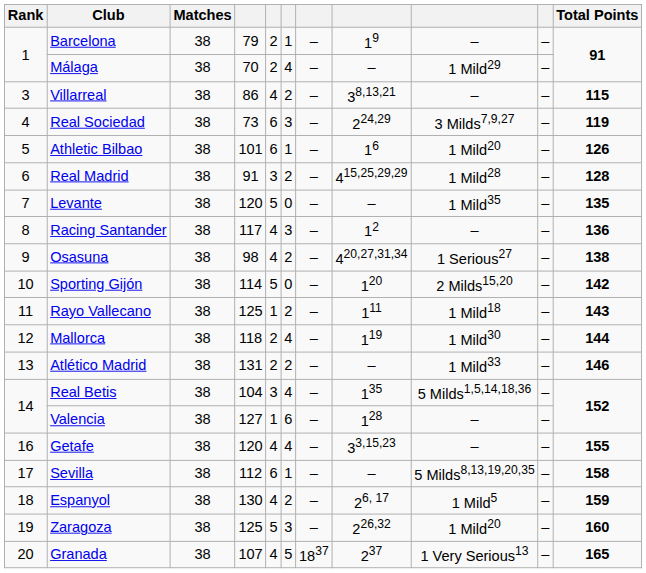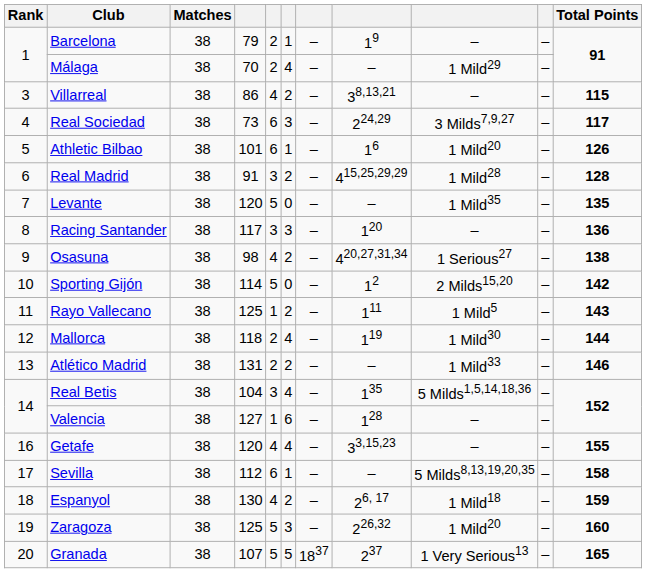 <table class="wikitable sortable" style="text-align:center;">
 <tr>
 <th>Rank</th>
 <th>Club</th>
 <th>Matches</th>
 <th></th>
 <th> </th>
 <th></th>
 <th></th>
 <th></th>
 <th></th>
 <th></th>
 <th>Total Points</th>
 </tr>
 <tr>
 <td rowspan=2>1</td>
 <td style="text-align:left;"><a href='#'>Barcelona</a></td>
 <td>38</td>
 <td>79</td>
 <td>2</td>
 <td>1</td>
 <td>–</td>
 <td>1<sup>9</sup></td>
 <td>–</td>
 <td>–</td>
 <td rowspan=2><strong>91</strong></td>
 </tr>
 <tr>
 <td style="text-align:left;"><a href='#'>Málaga</a></td>
 <td>38</td>
 <td>70</td>
 <td>2</td>
 <td>4</td>
 <td>–</td>
 <td>–</td>
 <td>1 Mild<sup>29</sup></td>
 <td>–</td>
 </tr>
 <tr>
 <td>3</td>
 <td style="text-align:left;"><a href='#'>Villarreal</a></td>
 <td>38</td>
 <td>86</td>
 <td>4</td>
 <td>2</td>
 <td>–</td>
 <td>3<sup>8,13,21</sup></td>
 <td>–</td>
 <td>–</td>
 <td><strong>115</strong></td>
 </tr>
 <tr>
 <td>4</td>
 <td style="text-align:left;"><a href='#'>Real Sociedad</a></td>
 <td>38</td>
 <td>73</td>
 <td>6</td>
 <td>3</td>
 <td>–</td>
 <td>2<sup>24,29</sup></td>
 <td>3 Milds<sup>7,9,27</sup></td>
 <td>–</td>
-<td><strong>119</strong></td>
+<td><strong>117</strong></td>
 </tr>
 <tr>
 <td>5</td>
 <td style="text-align:left;"><a href='#'>Athletic Bilbao</a></td>
 <td>38</td>
 <td>101</td>
 <td>6</td>
 <td>1</td>
 <td>–</td>
 <td>1<sup>6</sup></td>
 <td>1 Mild<sup>20</sup></td>
 <td>–</td>
 <td><strong>126</strong></td>
 </tr>
 <tr>
 <td>6</td>
 <td style="text-align:left;"><a href='#'>Real Madrid</a></td>
 <td>38</td>
 <td>91</td>
 <td>3</td>
 <td>2</td>
 <td>–</td>
 <td>4<sup>15,25,29,29</sup></td>
 <td>1 Mild<sup>28</sup></td>
 <td>–</td>
 <td><strong>128</strong></td>
 </tr>
 <tr>
 <td>7</td>
 <td style="text-align:left;"><a href='#'>Levante</a></td>
 <td>38</td>
 <td>120</td>
 <td>5</td>
 <td>0</td>
 <td>–</td>
 <td>–</td>
 <td>1 Mild<sup>35</sup></td>
 <td>–</td>
 <td><strong>135</strong></td>
 </tr>
 <tr>
 <td>8</td>
 <td style="text-align:left;"><a href='#'>Racing Santander</a></td>
 <td>38</td>
 <td>117</td>
-<td>4</td>
+<td>3</td>
 <td>3</td>
 <td>–</td>
-<td>1<sup>2</sup></td>
+<td>1<sup>20</sup></td>
 <td>–</td>
 <td>–</td>
 <td><strong>136</strong></td>
 </tr>
 <tr>
 <td>9</td>
 <td style="text-align:left;"><a href='#'>Osasuna</a></td>
 <td>38</td>
 <td>98</td>
 <td>4</td>
 <td>2</td>
 <td>–</td>
 <td>4<sup>20,27,31,34</sup></td>
 <td>1 Serious<sup>27</sup></td>
 <td>–</td>
 <td><strong>138</strong></td>
 </tr>
 <tr>
 <td>10</td>
 <td style="text-align:left;"><a href='#'>Sporting Gijón</a></td>
 <td>38</td>
 <td>114</td>
 <td>5</td>
 <td>0</td>
 <td>–</td>
-<td>1<sup>20</sup></td>
+<td>1<sup>2</sup></td>
 <td>2 Milds<sup>15,20</sup></td>
 <td>–</td>
 <td><strong>142</strong></td>
 </tr>
 <tr>
 <td>11</td>
 <td style="text-align:left;"><a href='#'>Rayo Vallecano</a></td>
 <td>38</td>
 <td>125</td>
 <td>1</td>
 <td>2</td>
 <td>–</td>
 <td>1<sup>11</sup></td>
-<td>1 Mild<sup>18</sup></td>
+<td>1 Mild<sup>5</sup></td>
 <td>–</td>
 <td><strong>143</strong></td>
 </tr>
 <tr>
 <td>12</td>
 <td style="text-align:left;"><a href='#'>Mallorca</a></td>
 <td>38</td>
 <td>118</td>
 <td>2</td>
 <td>4</td>
 <td>–</td>
 <td>1<sup>19</sup></td>
 <td>1 Mild<sup>30</sup></td>
 <td>–</td>
 <td><strong>144</strong></td>
 </tr>
 <tr>
 <td>13</td>
 <td style="text-align:left;"><a href='#'>Atlético Madrid</a></td>
 <td>38</td>
 <td>131</td>
 <td>2</td>
 <td>2</td>
 <td>–</td>
 <td>–</td>
 <td>1 Mild<sup>33</sup></td>
 <td>–</td>
 <td><strong>146</strong></td>
 </tr>
 <tr>
 <td rowspan=2>14</td>
 <td style="text-align:left;"><a href='#'>Real Betis</a></td>
 <td>38</td>
 <td>104</td>
 <td>3</td>
 <td>4</td>
 <td>–</td>
 <td>1<sup>35</sup></td>
 <td>5 Milds<sup>1,5,14,18,36</sup></td>
 <td>–</td>
 <td rowspan=2><strong>152</strong></td>
 </tr>
 <tr>
 <td style="text-align:left;"><a href='#'>Valencia</a></td>
 <td>38</td>
 <td>127</td>
 <td>1</td>
 <td>6</td>
 <td>–</td>
 <td>1<sup>28</sup></td>
 <td>–</td>
 <td>–</td>
 </tr>
 <tr>
 <td>16</td>
 <td style="text-align:left;"><a href='#'>Getafe</a></td>
 <td>38</td>
 <td>120</td>
 <td>4</td>
 <td>4</td>
 <td>–</td>
 <td>3<sup>3,15,23</sup></td>
 <td>–</td>
 <td>–</td>
 <td><strong>155</strong></td>
 </tr>
 <tr>
 <td>17</td>
 <td style="text-align:left;"><a href='#'>Sevilla</a></td>
 <td>38</td>
 <td>112</td>
 <td>6</td>
 <td>1</td>
 <td>–</td>
 <td>–</td>
 <td>5 Milds<sup>8,13,19,20,35</sup></td>
 <td>–</td>
 <td><strong>158</strong></td>
 </tr>
 <tr>
 <td>18</td>
 <td style="text-align:left;"><a href='#'>Espanyol</a></td>
 <td>38</td>
 <td>130</td>
 <td>4</td>
 <td>2</td>
 <td>–</td>
 <td>2<sup>6, 17</sup></td>
-<td>1 Mild<sup>5</sup></td>
+<td>1 Mild<sup>18</sup></td>
 <td>–</td>
 <td><strong>159</strong></td>
 </tr>
 <tr>
 <td>19</td>
 <td style="text-align:left;"><a href='#'>Zaragoza</a></td>
 <td>38</td>
 <td>125</td>
 <td>5</td>
 <td>3</td>
 <td>–</td>
 <td>2<sup>26,32</sup></td>
 <td>1 Mild<sup>20</sup></td>
 <td>–</td>
 <td><strong>160</strong></td>
 </tr>
 <tr>
 <td>20</td>
 <td style="text-align:left;"><a href='#'>Granada</a></td>
 <td>38</td>
 <td>107</td>
-<td>4</td>
+<td>5</td>
 <td>5</td>
 <td>18<sup>37</sup></td>
 <td>2<sup>37</sup></td>
 <td>1 Very Serious<sup>13</sup></td>
 <td>–</td>
 <td><strong>165</strong></td>
 </tr>
 </table>
